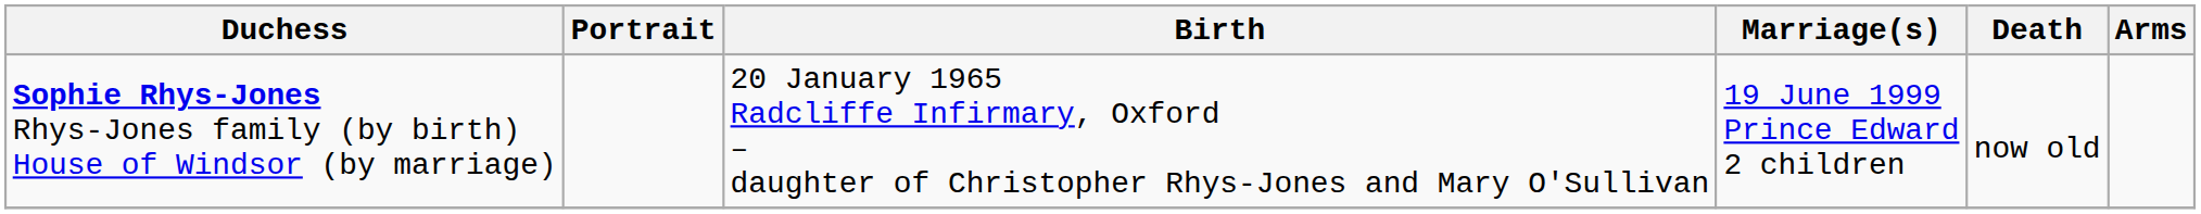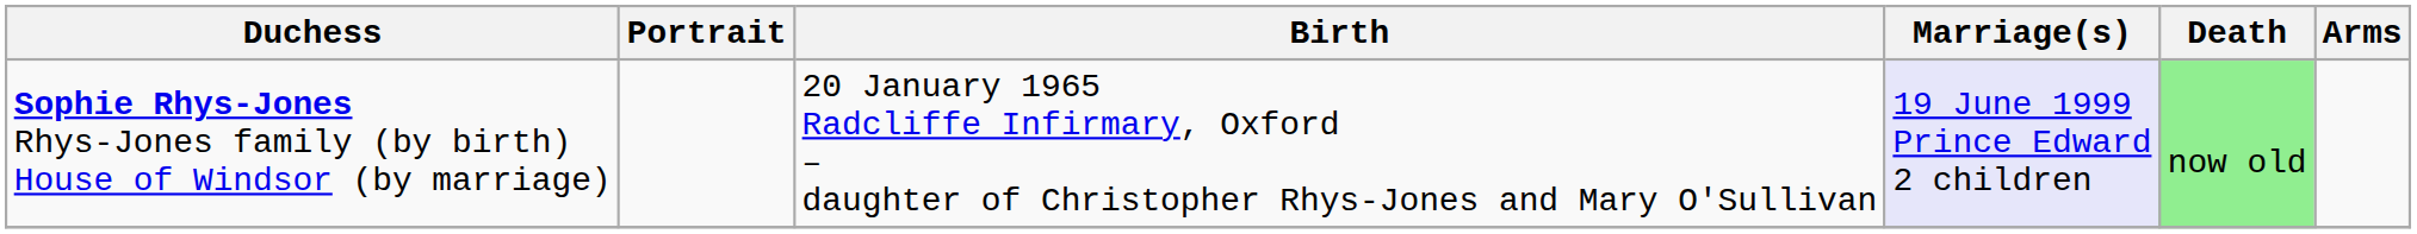 <table class="wikitable">
 <tr>
 <th>Duchess</th>
 <th>Portrait</th>
 <th>Birth</th>
 <th>Marriage(s)</th>
 <th>Death</th>
 <th>Arms</th>
 </tr>
 <tr>
 <td><strong><a href='#'>Sophie Rhys-Jones</a></strong><br>Rhys-Jones family (by birth)<br><a href='#'>House of Windsor</a> (by marriage)</td>
 <td></td>
 <td>20 January 1965<br><a href='#'>Radcliffe Infirmary</a>, Oxford<br>–<br>daughter of Christopher Rhys-Jones and Mary O'Sullivan</td>
-<td><a href='#'>19 June 1999</a><br><a href='#'>Prince Edward</a> <br>2 children</td>
-<td><br> now  old</td>
+<td style="background: lavender;"><a href='#'>19 June 1999</a><br><a href='#'>Prince Edward</a> <br>2 children</td>
+<td style="background: lightgreen;"><br> now  old</td>
 <td></td>
 </tr>
 <tr>
 </tr>
 </table>
